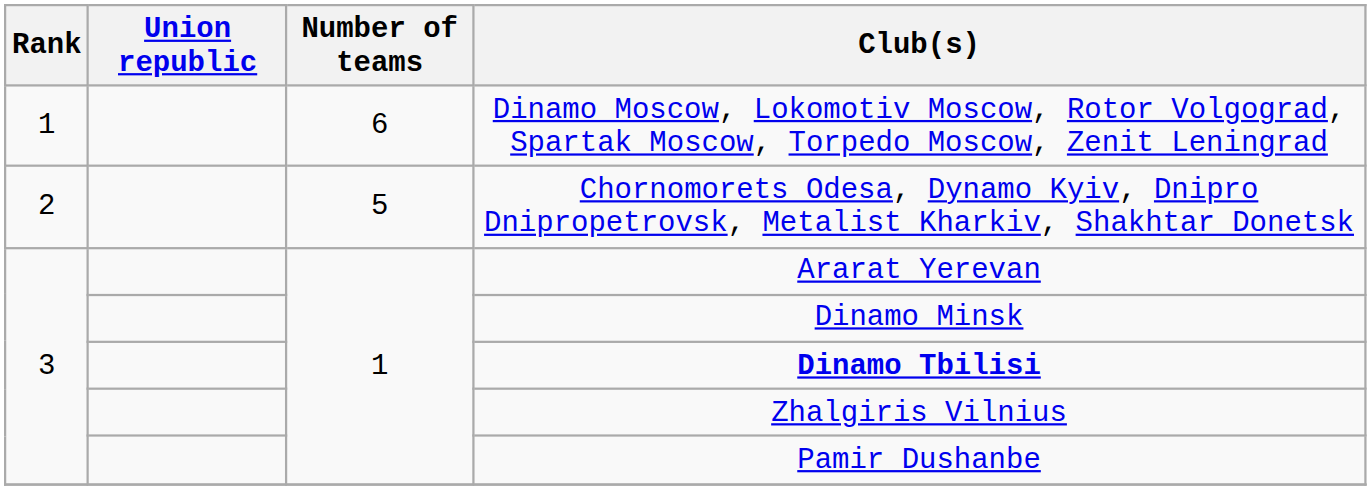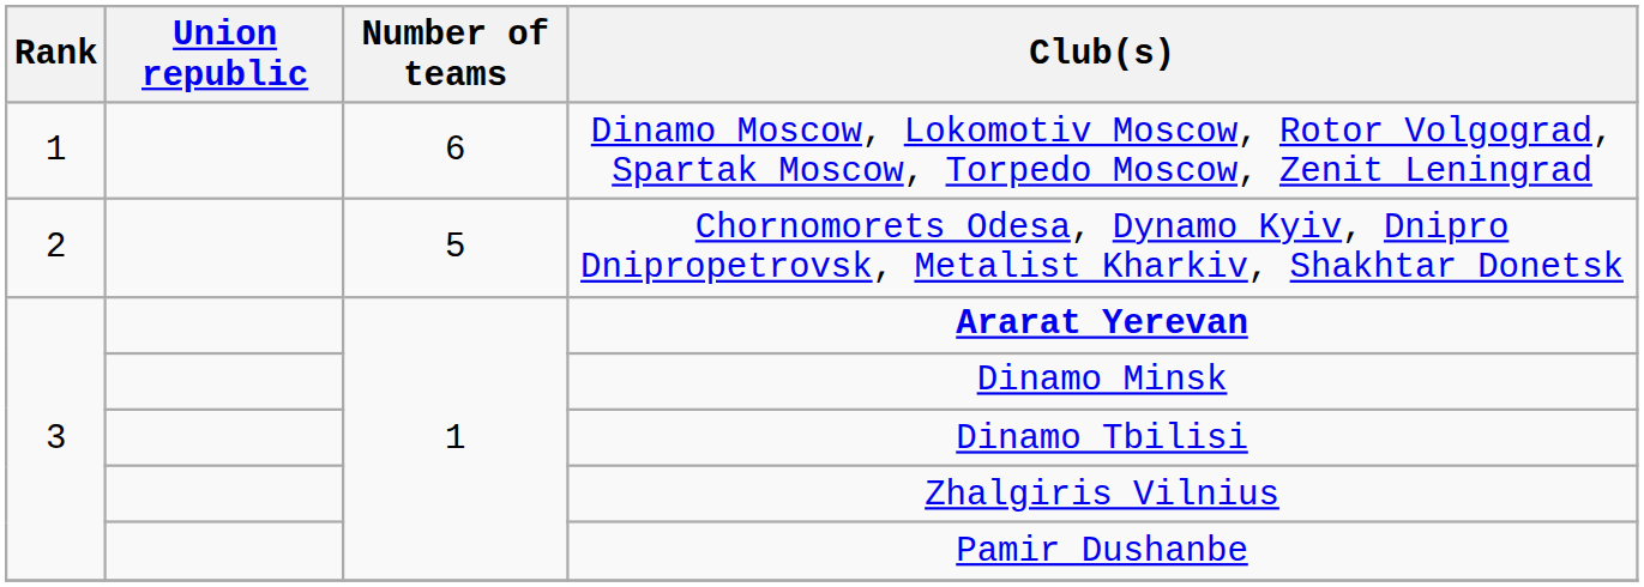 <table class="wikitable">
 <tr>
 <th>Rank</th>
 <th><a href='#'>Union republic</a></th>
 <th>Number of teams</th>
 <th>Club(s)</th>
 </tr>
 <tr>
 <td align="center" rowspan=1>1</td>
 <td></td>
 <td align="center" rowspan=1>6</td>
 <td align="center"><a href='#'>Dinamo Moscow</a>, <a href='#'>Lokomotiv Moscow</a>, <a href='#'>Rotor Volgograd</a>, <a href='#'>Spartak Moscow</a>, <a href='#'>Torpedo Moscow</a>, <a href='#'>Zenit Leningrad</a></td>
 </tr>
 <tr>
 <td align="center" rowspan=1>2</td>
 <td></td>
 <td align="center" rowspan=1>5</td>
 <td align="center"><a href='#'>Chornomorets Odesa</a>, <a href='#'>Dynamo Kyiv</a>, <a href='#'>Dnipro Dnipropetrovsk</a>, <a href='#'>Metalist Kharkiv</a>, <a href='#'>Shakhtar Donetsk</a></td>
 </tr>
 <tr>
 <td align="center" rowspan=5>3</td>
 <td></td>
 <td align="center" rowspan=5>1</td>
-<td align="center"><a href='#'>Ararat Yerevan</a></td>
+<td align="center"><strong><a href='#'>Ararat Yerevan</a></strong></td>
 </tr>
 <tr>
 <td></td>
 <td align="center"><a href='#'>Dinamo Minsk</a></td>
 </tr>
 <tr>
 <td></td>
-<td align="center"><strong><a href='#'>Dinamo Tbilisi</a></strong></td>
+<td align="center"><a href='#'>Dinamo Tbilisi</a></td>
 </tr>
 <tr>
 <td></td>
 <td align="center"><a href='#'>Zhalgiris Vilnius</a></td>
 </tr>
 <tr>
 <td></td>
 <td align="center"><a href='#'>Pamir Dushanbe</a></td>
 </tr>
 <tr>
 </tr>
 </table>
